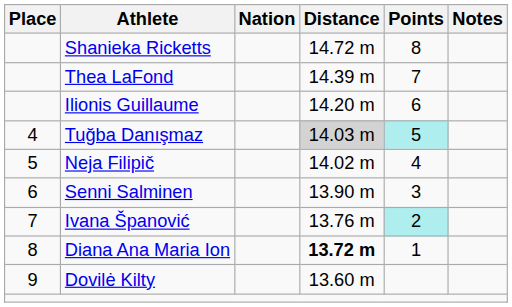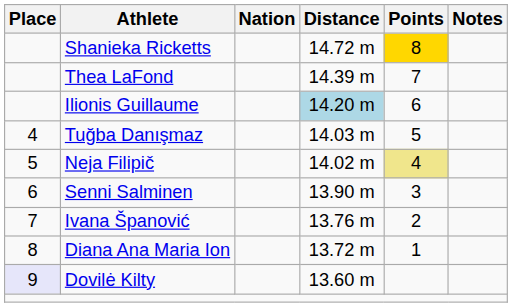 <table class="wikitable mw-datatable sortable" style="text-align:center;">
 <tr>
 <th scope="col">Place</th>
 <th scope="col">Athlete</th>
 <th scope="col">Nation</th>
 <th scope="col">Distance</th>
 <th scope="col">Points</th>
 <th scope="col">Notes</th>
 </tr>
 <tr>
 <td></td>
 <td align="left"><a href='#'>Shanieka Ricketts</a></td>
 <td align="left"></td>
 <td>14.72 m </td>
-<td>8</td>
+<td style="background: gold;">8</td>
 <td></td>
 </tr>
 <tr>
 <td></td>
 <td align="left"><a href='#'>Thea LaFond</a></td>
 <td align="left"></td>
 <td>14.39 m </td>
 <td>7</td>
 <td></td>
 </tr>
 <tr>
 <td></td>
 <td align="left"><a href='#'>Ilionis Guillaume</a></td>
 <td align="left"></td>
-<td>14.20 m </td>
+<td style="background: lightblue;">14.20 m </td>
 <td>6</td>
 <td></td>
 </tr>
 <tr>
 <td>4</td>
 <td align="left"><a href='#'>Tuğba Danışmaz</a></td>
 <td align="left"></td>
-<td style="background: lightgrey;">14.03 m </td>
-<td style="background: paleturquoise;">5</td>
+<td>14.03 m </td>
+<td>5</td>
 <td></td>
 </tr>
 <tr>
 <td>5</td>
 <td align="left"><a href='#'>Neja Filipič</a></td>
 <td align="left"></td>
 <td>14.02 m </td>
-<td>4</td>
+<td style="background: khaki;">4</td>
 <td></td>
 </tr>
 <tr>
 <td>6</td>
 <td align="left"><a href='#'>Senni Salminen</a></td>
 <td align="left"></td>
 <td>13.90 m </td>
 <td>3</td>
 <td></td>
 </tr>
 <tr>
 <td>7</td>
 <td align="left"><a href='#'>Ivana Španović</a></td>
 <td align="left"></td>
 <td>13.76 m </td>
-<td style="background: paleturquoise;">2</td>
+<td>2</td>
 <td></td>
 </tr>
 <tr>
 <td>8</td>
 <td align="left"><a href='#'>Diana Ana Maria Ion</a></td>
 <td align="left"></td>
-<td><strong>13.72 m </strong></td>
+<td>13.72 m </td>
 <td>1</td>
 <td></td>
 </tr>
 <tr>
-<td>9</td>
+<td style="background: lavender;">9</td>
 <td align="left"><a href='#'>Dovilė Kilty</a></td>
 <td align="left"></td>
 <td>13.60 m </td>
 <td></td>
 <td></td>
 </tr>
 <tr class="sortbottom">
 <td colspan="6"></td>
 </tr>
 </table>
